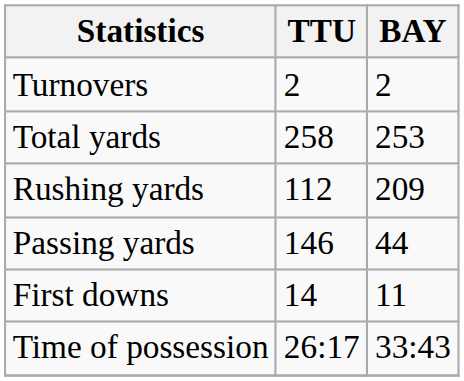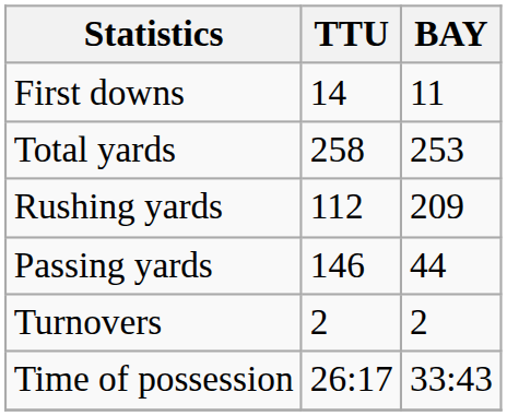 <table class="wikitable" style="float: left;">
 <tr>
 <th>Statistics</th>
 <th>TTU</th>
 <th>BAY</th>
 </tr>
 <tr>
-<td>Turnovers</td>
-<td>2</td>
-<td>2</td>
+<td>First downs</td>
+<td>14</td>
+<td>11</td>
 </tr>
 <tr>
 <td>Total yards</td>
 <td>258</td>
 <td>253</td>
 </tr>
 <tr>
 <td>Rushing yards</td>
 <td>112</td>
 <td>209</td>
 </tr>
 <tr>
 <td>Passing yards</td>
 <td>146</td>
 <td>44</td>
 </tr>
 <tr>
-<td>First downs</td>
-<td>14</td>
-<td>11</td>
+<td>Turnovers</td>
+<td>2</td>
+<td>2</td>
 </tr>
 <tr>
 <td>Time of possession</td>
 <td>26:17</td>
 <td>33:43</td>
 </tr>
 <tr>
 </tr>
 </table>
